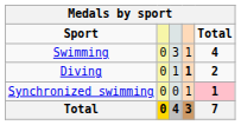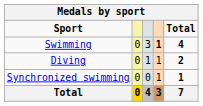 <table class="wikitable" style="font-size:85%">
 <tr style="background:#efefef;">
 <th colspan=7><strong>Medals by sport</strong></th>
 </tr>
 <tr align=center>
 <td><strong>Sport</strong></td>
 <td bgcolor=#f7f6a8></td>
 <td bgcolor=#dce5e5></td>
 <td bgcolor=#ffdab9></td>
 <td><strong>Total</strong></td>
 </tr>
 <tr align=center>
 <td><a href='#'>Swimming</a></td>
 <td style="background:#F7F6A8;">0</td>
 <td style="background:#DCE5E5;">3</td>
-<td style="background:#FFDAB9;">1</td>
+<td style="background:#FFDAB9;"><strong>1</strong></td>
 <td><strong>4</strong></td>
 </tr>
 <tr align=center>
 <td><a href='#'>Diving</a></td>
 <td style="background:#F7F6A8;">0</td>
 <td style="background:#DCE5E5;">1</td>
-<td style="background:#FFDAB9;"><strong>1</strong></td>
+<td style="background:#FFDAB9;">1</td>
 <td><strong>2</strong></td>
 </tr>
 <tr align=center>
 <td><a href='#'>Synchronized swimming</a></td>
 <td style="background:#F7F6A8;">0</td>
 <td style="background:#DCE5E5;">0</td>
 <td style="background:#FFDAB9;">1</td>
-<td style="background: pink;"><strong>1</strong></td>
+<td><strong>1</strong></td>
 </tr>
 <tr align=center>
 <th><strong>Total</strong></th>
 <th style="background:gold;"><strong>0</strong></th>
 <th style="background:silver;"><strong>4</strong></th>
 <th style="background:#c96;"><strong>3</strong></th>
 <th>7</th>
 </tr>
 </table>
